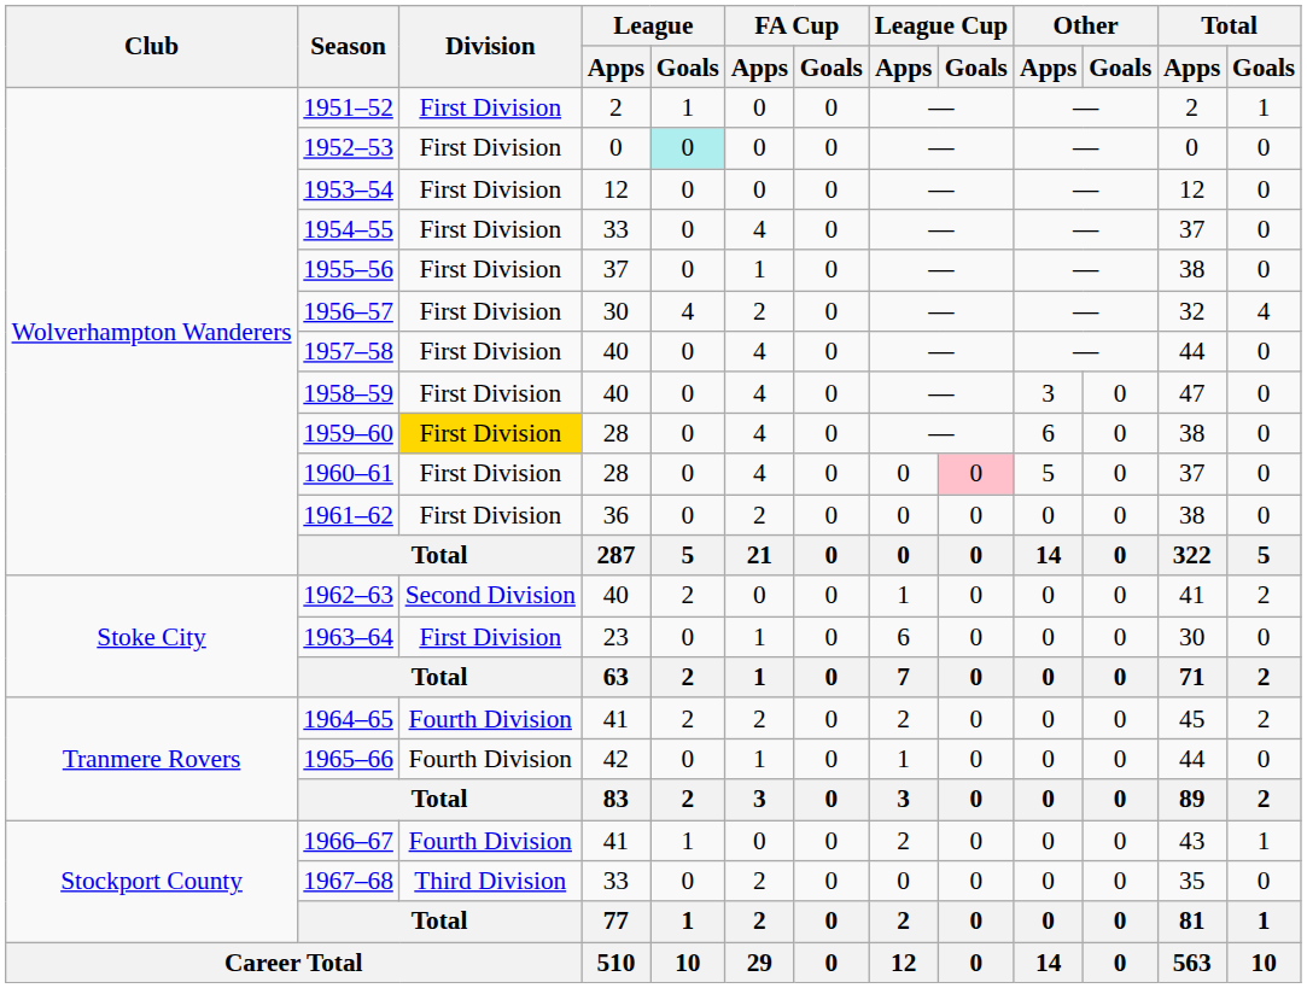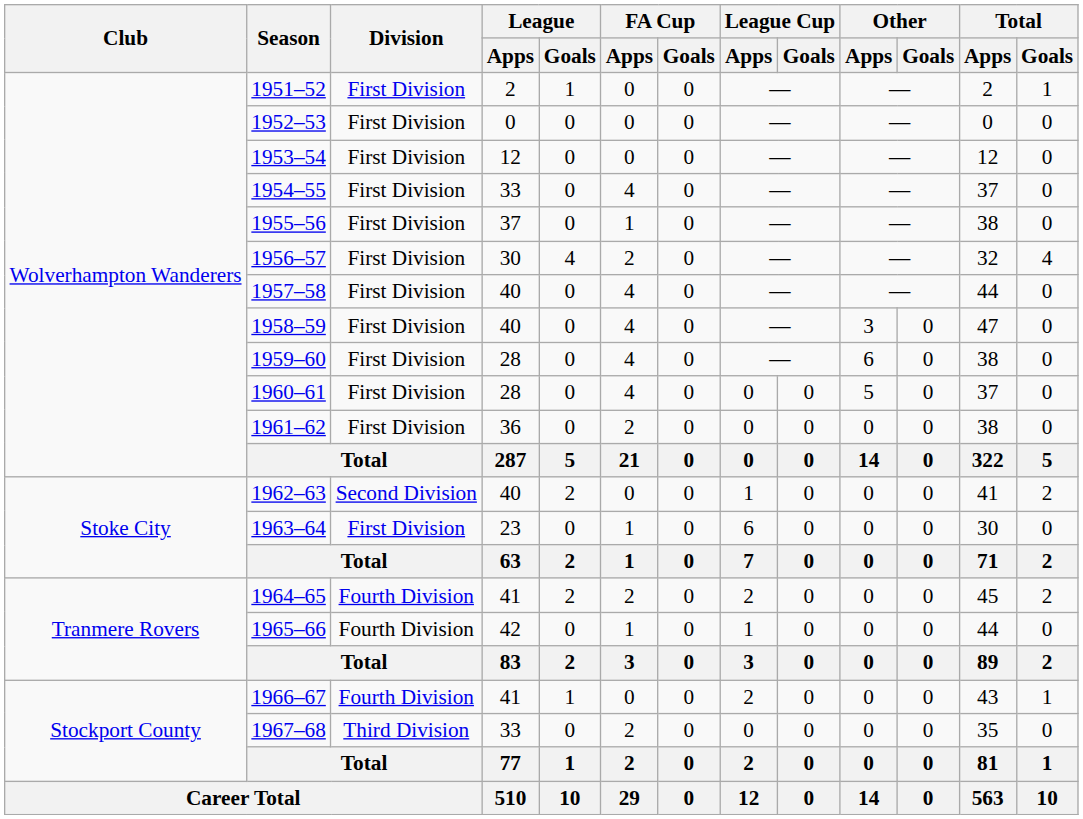 <table class="wikitable" style="text-align: center;">
 <tr>
 <th rowspan="2">Club</th>
 <th rowspan="2">Season</th>
 <th rowspan="2">Division</th>
 <th colspan="2">League</th>
 <th colspan="2">FA Cup</th>
 <th colspan="2">League Cup</th>
 <th colspan="2">Other</th>
 <th colspan="2">Total</th>
 </tr>
 <tr>
 <th>Apps</th>
 <th>Goals</th>
 <th>Apps</th>
 <th>Goals</th>
 <th>Apps</th>
 <th>Goals</th>
 <th>Apps</th>
 <th>Goals</th>
 <th>Apps</th>
 <th>Goals</th>
 </tr>
 <tr>
 <td rowspan="12"><a href='#'>Wolverhampton Wanderers</a></td>
 <td><a href='#'>1951–52</a></td>
 <td><a href='#'>First Division</a></td>
 <td>2</td>
 <td>1</td>
 <td>0</td>
 <td>0</td>
 <td colspan="2">—</td>
 <td colspan="2">—</td>
 <td>2</td>
 <td>1</td>
 </tr>
 <tr>
 <td><a href='#'>1952–53</a></td>
 <td>First Division</td>
 <td>0</td>
-<td style="background: paleturquoise;">0</td>
+<td>0</td>
 <td>0</td>
 <td>0</td>
 <td colspan="2">—</td>
 <td colspan="2">—</td>
 <td>0</td>
 <td>0</td>
 </tr>
 <tr>
 <td><a href='#'>1953–54</a></td>
 <td>First Division</td>
 <td>12</td>
 <td>0</td>
 <td>0</td>
 <td>0</td>
 <td colspan="2">—</td>
 <td colspan="2">—</td>
 <td>12</td>
 <td>0</td>
 </tr>
 <tr>
 <td><a href='#'>1954–55</a></td>
 <td>First Division</td>
 <td>33</td>
 <td>0</td>
 <td>4</td>
 <td>0</td>
 <td colspan="2">—</td>
 <td colspan="2">—</td>
 <td>37</td>
 <td>0</td>
 </tr>
 <tr>
 <td><a href='#'>1955–56</a></td>
 <td>First Division</td>
 <td>37</td>
 <td>0</td>
 <td>1</td>
 <td>0</td>
 <td colspan="2">—</td>
 <td colspan="2">—</td>
 <td>38</td>
 <td>0</td>
 </tr>
 <tr>
 <td><a href='#'>1956–57</a></td>
 <td>First Division</td>
 <td>30</td>
 <td>4</td>
 <td>2</td>
 <td>0</td>
 <td colspan="2">—</td>
 <td colspan="2">—</td>
 <td>32</td>
 <td>4</td>
 </tr>
 <tr>
 <td><a href='#'>1957–58</a></td>
 <td>First Division</td>
 <td>40</td>
 <td>0</td>
 <td>4</td>
 <td>0</td>
 <td colspan="2">—</td>
 <td colspan="2">—</td>
 <td>44</td>
 <td>0</td>
 </tr>
 <tr>
 <td><a href='#'>1958–59</a></td>
 <td>First Division</td>
 <td>40</td>
 <td>0</td>
 <td>4</td>
 <td>0</td>
 <td colspan="2">—</td>
 <td>3</td>
 <td>0</td>
 <td>47</td>
 <td>0</td>
 </tr>
 <tr>
 <td><a href='#'>1959–60</a></td>
-<td style="background: gold;">First Division</td>
+<td>First Division</td>
 <td>28</td>
 <td>0</td>
 <td>4</td>
 <td>0</td>
 <td colspan="2">—</td>
 <td>6</td>
 <td>0</td>
 <td>38</td>
 <td>0</td>
 </tr>
 <tr>
 <td><a href='#'>1960–61</a></td>
 <td>First Division</td>
 <td>28</td>
 <td>0</td>
 <td>4</td>
 <td>0</td>
 <td>0</td>
-<td style="background: pink;">0</td>
+<td>0</td>
 <td>5</td>
 <td>0</td>
 <td>37</td>
 <td>0</td>
 </tr>
 <tr>
 <td><a href='#'>1961–62</a></td>
 <td>First Division</td>
 <td>36</td>
 <td>0</td>
 <td>2</td>
 <td>0</td>
 <td>0</td>
 <td>0</td>
 <td>0</td>
 <td>0</td>
 <td>38</td>
 <td>0</td>
 </tr>
 <tr>
 <th colspan="2">Total</th>
 <th>287</th>
 <th>5</th>
 <th>21</th>
 <th>0</th>
 <th>0</th>
 <th>0</th>
 <th>14</th>
 <th>0</th>
 <th>322</th>
 <th>5</th>
 </tr>
 <tr>
 <td rowspan="3"><a href='#'>Stoke City</a></td>
 <td><a href='#'>1962–63</a></td>
 <td><a href='#'>Second Division</a></td>
 <td>40</td>
 <td>2</td>
 <td>0</td>
 <td>0</td>
 <td>1</td>
 <td>0</td>
 <td>0</td>
 <td>0</td>
 <td>41</td>
 <td>2</td>
 </tr>
 <tr>
 <td><a href='#'>1963–64</a></td>
 <td><a href='#'>First Division</a></td>
 <td>23</td>
 <td>0</td>
 <td>1</td>
 <td>0</td>
 <td>6</td>
 <td>0</td>
 <td>0</td>
 <td>0</td>
 <td>30</td>
 <td>0</td>
 </tr>
 <tr>
 <th colspan="2">Total</th>
 <th>63</th>
 <th>2</th>
 <th>1</th>
 <th>0</th>
 <th>7</th>
 <th>0</th>
 <th>0</th>
 <th>0</th>
 <th>71</th>
 <th>2</th>
 </tr>
 <tr>
 <td rowspan="3"><a href='#'>Tranmere Rovers</a></td>
 <td><a href='#'>1964–65</a></td>
 <td><a href='#'>Fourth Division</a></td>
 <td>41</td>
 <td>2</td>
 <td>2</td>
 <td>0</td>
 <td>2</td>
 <td>0</td>
 <td>0</td>
 <td>0</td>
 <td>45</td>
 <td>2</td>
 </tr>
 <tr>
 <td><a href='#'>1965–66</a></td>
 <td>Fourth Division</td>
 <td>42</td>
 <td>0</td>
 <td>1</td>
 <td>0</td>
 <td>1</td>
 <td>0</td>
 <td>0</td>
 <td>0</td>
 <td>44</td>
 <td>0</td>
 </tr>
 <tr>
 <th colspan="2">Total</th>
 <th>83</th>
 <th>2</th>
 <th>3</th>
 <th>0</th>
 <th>3</th>
 <th>0</th>
 <th>0</th>
 <th>0</th>
 <th>89</th>
 <th>2</th>
 </tr>
 <tr>
 <td rowspan="3"><a href='#'>Stockport County</a></td>
 <td><a href='#'>1966–67</a></td>
 <td><a href='#'>Fourth Division</a></td>
 <td>41</td>
 <td>1</td>
 <td>0</td>
 <td>0</td>
 <td>2</td>
 <td>0</td>
 <td>0</td>
 <td>0</td>
 <td>43</td>
 <td>1</td>
 </tr>
 <tr>
 <td><a href='#'>1967–68</a></td>
 <td><a href='#'>Third Division</a></td>
 <td>33</td>
 <td>0</td>
 <td>2</td>
 <td>0</td>
 <td>0</td>
 <td>0</td>
 <td>0</td>
 <td>0</td>
 <td>35</td>
 <td>0</td>
 </tr>
 <tr>
 <th colspan="2">Total</th>
 <th>77</th>
 <th>1</th>
 <th>2</th>
 <th>0</th>
 <th>2</th>
 <th>0</th>
 <th>0</th>
 <th>0</th>
 <th>81</th>
 <th>1</th>
 </tr>
 <tr>
 <th colspan="3">Career Total</th>
 <th>510</th>
 <th>10</th>
 <th>29</th>
 <th>0</th>
 <th>12</th>
 <th>0</th>
 <th>14</th>
 <th>0</th>
 <th>563</th>
 <th>10</th>
 </tr>
 </table>
